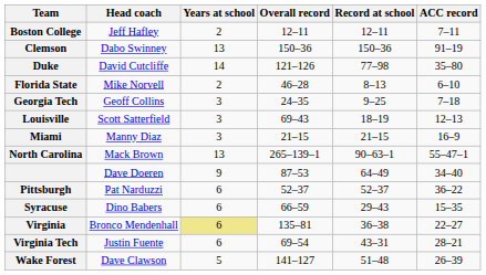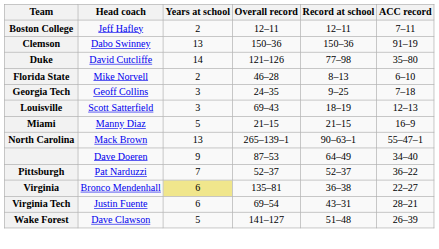 <table class="wikitable sortable" style="text-align: center;">
 <tr>
 <th width="110">Team</th>
 <th>Head coach</th>
 <th>Years at school</th>
 <th>Overall record</th>
 <th>Record at school</th>
 <th>ACC record</th>
 </tr>
 <tr>
 <th>Boston College</th>
 <td><a href='#'>Jeff Hafley</a></td>
 <td>2</td>
 <td>12–11</td>
 <td>12–11</td>
 <td>7–11</td>
 </tr>
 <tr>
 <th>Clemson</th>
 <td><a href='#'>Dabo Swinney</a></td>
 <td>13</td>
 <td>150–36</td>
 <td>150–36</td>
 <td>91–19</td>
 </tr>
 <tr>
 <th>Duke</th>
 <td><a href='#'>David Cutcliffe</a></td>
 <td>14</td>
 <td>121–126</td>
 <td>77–98</td>
 <td>35–80</td>
 </tr>
 <tr>
 <th>Florida State</th>
 <td><a href='#'>Mike Norvell</a></td>
 <td>2</td>
 <td>46–28</td>
 <td>8–13</td>
 <td>6–10</td>
 </tr>
 <tr>
 <th>Georgia Tech</th>
 <td><a href='#'>Geoff Collins</a></td>
 <td>3</td>
 <td>24–35</td>
 <td>9–25</td>
 <td>7–18</td>
 </tr>
 <tr>
 <th>Louisville</th>
 <td><a href='#'>Scott Satterfield</a></td>
 <td>3</td>
 <td>69–43</td>
 <td>18–19</td>
 <td>12–13</td>
 </tr>
 <tr>
 <th>Miami</th>
 <td><a href='#'>Manny Diaz</a></td>
-<td>3</td>
+<td>5</td>
 <td>21–15</td>
 <td>21–15</td>
 <td>16–9</td>
 </tr>
 <tr>
 <th>North Carolina</th>
 <td><a href='#'>Mack Brown</a></td>
 <td>13</td>
 <td>265–139–1</td>
 <td>90–63–1</td>
 <td>55–47–1</td>
 </tr>
 <tr>
 <th></th>
 <td><a href='#'>Dave Doeren</a></td>
 <td>9</td>
 <td>87–53</td>
 <td>64–49</td>
 <td>34–40</td>
 </tr>
 <tr>
 <th>Pittsburgh</th>
 <td><a href='#'>Pat Narduzzi</a></td>
-<td>6</td>
+<td>7</td>
 <td>52–37</td>
 <td>52–37</td>
 <td>36–22</td>
-</tr>
-<tr>
-<th>Syracuse</th>
-<td><a href='#'>Dino Babers</a></td>
-<td>6</td>
-<td>66–59</td>
-<td>29–43</td>
-<td>15–35</td>
 </tr>
 <tr>
 <th>Virginia</th>
 <td><a href='#'>Bronco Mendenhall</a></td>
 <td style="background: khaki;">6</td>
 <td>135–81</td>
 <td>36–38</td>
 <td>22–27</td>
 </tr>
 <tr>
 <th>Virginia Tech</th>
 <td><a href='#'>Justin Fuente</a></td>
 <td>6</td>
 <td>69–54</td>
 <td>43–31</td>
 <td>28–21</td>
 </tr>
 <tr>
 <th>Wake Forest</th>
 <td><a href='#'>Dave Clawson</a></td>
 <td>5</td>
 <td>141–127</td>
 <td>51–48</td>
 <td>26–39</td>
 </tr>
 </table>
